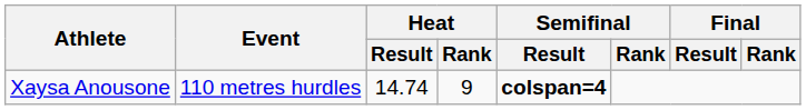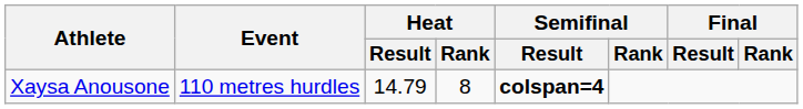 <table class="wikitable" style="font-size:90%">
 <tr>
 <th rowspan="2">Athlete</th>
 <th rowspan="2">Event</th>
 <th colspan="2">Heat</th>
 <th colspan="2">Semifinal</th>
 <th colspan="2">Final</th>
 </tr>
 <tr style="font-size:95%">
 <th>Result</th>
 <th>Rank</th>
 <th>Result</th>
 <th>Rank</th>
 <th>Result</th>
 <th>Rank</th>
 </tr>
 <tr style=text-align:center>
 <td style=text-align:left><a href='#'>Xaysa Anousone</a></td>
 <td style=text-align:left><a href='#'>110 metres hurdles</a></td>
-<td>14.74</td>
-<td>9</td>
+<td>14.79</td>
+<td>8</td>
 <td><strong>colspan=4 </strong></td>
 </tr>
 </table>
